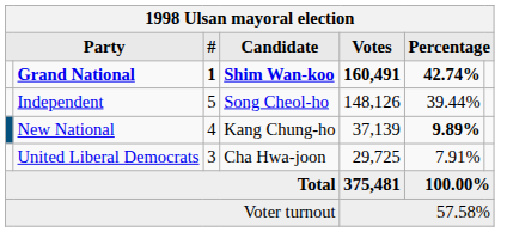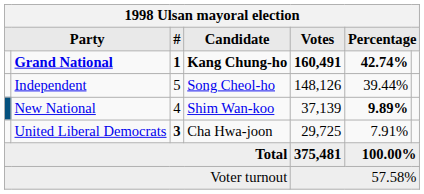 <table class="wikitable">
 <tr>
 <th colspan="7">1998 Ulsan mayoral election</th>
 </tr>
 <tr>
 <th style="background-color:#E9E9E9" colspan=2>Party</th>
 <th style="background-color:#E9E9E9">#</th>
 <th style="background-color:#E9E9E9">Candidate</th>
 <th style="background-color:#E9E9E9">Votes</th>
 <th style="background-color:#E9E9E9" colspan=2>Percentage</th>
 </tr>
 <tr style="font-weight:bold">
 <td></td>
 <td align=left><a href='#'>Grand National</a></td>
 <td align=center>1</td>
-<td align=left><a href='#'>Shim Wan-koo</a></td>
+<td align=left>Kang Chung-ho</td>
 <td align=right>160,491</td>
 <td align=right>42.74%</td>
 <td align=right></td>
 </tr>
 <tr>
 <td></td>
 <td align=left><a href='#'>Independent</a></td>
 <td align=center>5</td>
 <td align=left><a href='#'>Song Cheol-ho</a></td>
 <td align=right>148,126</td>
 <td align=right>39.44%</td>
 <td align=right></td>
 </tr>
 <tr>
 <td bgcolor="#05517E"></td>
 <td align=left><a href='#'>New National</a></td>
 <td align=center>4</td>
-<td align=left>Kang Chung-ho</td>
+<td align=left><a href='#'>Shim Wan-koo</a></td>
 <td align=right>37,139</td>
 <td align=right><strong>9.89%</strong></td>
 <td align=right></td>
 </tr>
 <tr>
 <td></td>
 <td align=left><a href='#'>United Liberal Democrats</a></td>
-<td align=center>3</td>
+<td align=center><strong>3</strong></td>
 <td align=left>Cha Hwa-joon</td>
 <td align=right>29,725</td>
 <td align=right>7.91%</td>
 <td align=right></td>
 </tr>
 <tr bgcolor="#EEEEEE" style="font-weight:bold">
 <td colspan="4" align=right>Total</td>
 <td align=right>375,481</td>
 <td align=right colspan=2>100.00%</td>
 </tr>
 <tr bgcolor="#EEEEEE">
 <td colspan="4" align="right">Voter turnout</td>
 <td colspan="3" align="right">57.58%</td>
 </tr>
 </table>
